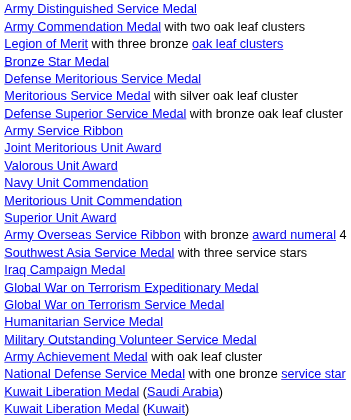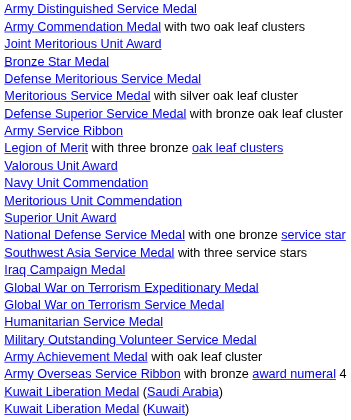 <table>
 <tr>
 <td> <a href='#'>Army Distinguished Service Medal</a></td>
 </tr>
 <tr>
 <td> <a href='#'>Army Commendation Medal</a> with two oak leaf clusters</td>
 </tr>
 <tr>
-<td> <a href='#'>Legion of Merit</a> with three bronze <a href='#'>oak leaf clusters</a></td>
+<td> <a href='#'>Joint Meritorious Unit Award</a></td>
 </tr>
 <tr>
 <td> <a href='#'>Bronze Star Medal</a></td>
 </tr>
 <tr>
 <td> <a href='#'>Defense Meritorious Service Medal</a></td>
 </tr>
 <tr>
 <td> <a href='#'>Meritorious Service Medal</a> with silver oak leaf cluster</td>
 </tr>
 <tr>
 <td> <a href='#'>Defense Superior Service Medal</a> with bronze oak leaf cluster</td>
 </tr>
 <tr>
 <td> <a href='#'>Army Service Ribbon</a></td>
 </tr>
 <tr>
-<td> <a href='#'>Joint Meritorious Unit Award</a></td>
+<td> <a href='#'>Legion of Merit</a> with three bronze <a href='#'>oak leaf clusters</a></td>
 </tr>
 <tr>
 <td> <a href='#'>Valorous Unit Award</a></td>
 </tr>
 <tr>
 <td> <a href='#'>Navy Unit Commendation</a></td>
 </tr>
 <tr>
 <td> <a href='#'>Meritorious Unit Commendation</a></td>
 </tr>
 <tr>
 <td> <a href='#'>Superior Unit Award</a></td>
 </tr>
 <tr>
-<td><span></span> <a href='#'>Army Overseas Service Ribbon</a> with bronze <a href='#'>award numeral</a> 4</td>
+<td> <a href='#'>National Defense Service Medal</a> with one bronze <a href='#'>service star</a></td>
 </tr>
 <tr>
 <td>  <a href='#'>Southwest Asia Service Medal</a> with three service stars</td>
 </tr>
 <tr>
 <td> <a href='#'>Iraq Campaign Medal</a></td>
 </tr>
 <tr>
 <td> <a href='#'>Global War on Terrorism Expeditionary Medal</a></td>
 </tr>
 <tr>
 <td> <a href='#'>Global War on Terrorism Service Medal</a></td>
 </tr>
 <tr>
 <td> <a href='#'>Humanitarian Service Medal</a></td>
 </tr>
 <tr>
 <td> <a href='#'>Military Outstanding Volunteer Service Medal</a></td>
 </tr>
 <tr>
 <td> <a href='#'>Army Achievement Medal</a> with oak leaf cluster</td>
 </tr>
 <tr>
-<td> <a href='#'>National Defense Service Medal</a> with one bronze <a href='#'>service star</a></td>
+<td><span></span> <a href='#'>Army Overseas Service Ribbon</a> with bronze <a href='#'>award numeral</a> 4</td>
 </tr>
 <tr>
 <td> <a href='#'>Kuwait Liberation Medal</a> (<a href='#'>Saudi Arabia</a>)</td>
 </tr>
 <tr>
 <td> <a href='#'>Kuwait Liberation Medal</a> (<a href='#'>Kuwait</a>)</td>
 </tr>
 </table>
